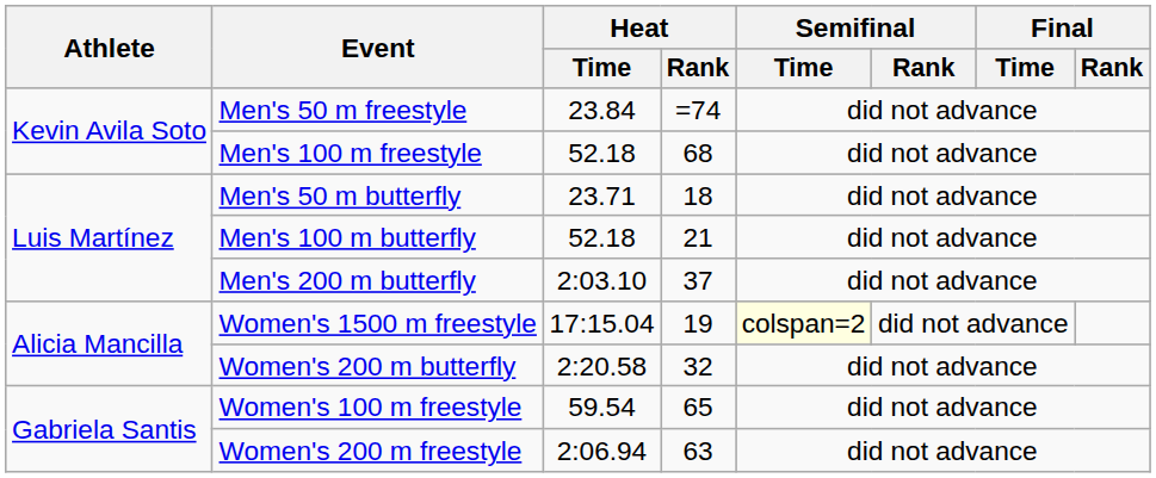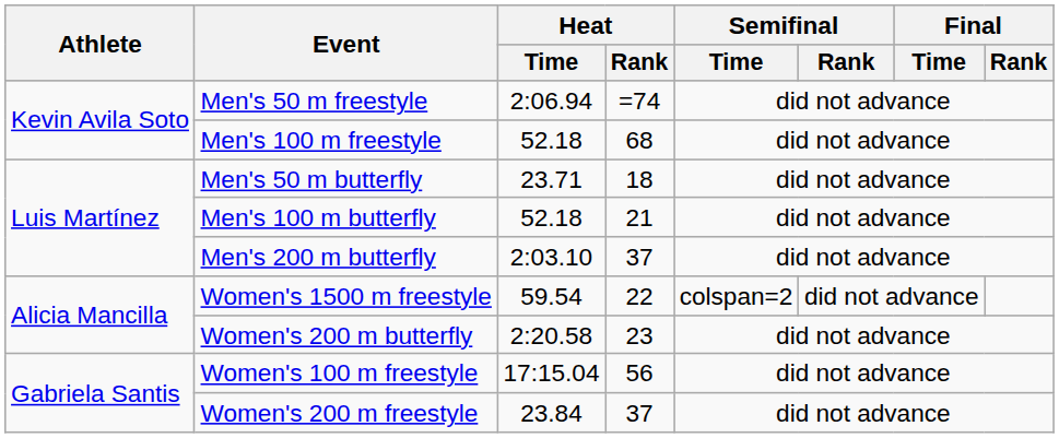 <table class=wikitable style="font-size:90%">
 <tr>
 <th rowspan="2">Athlete</th>
 <th rowspan="2">Event</th>
 <th colspan="2">Heat</th>
 <th colspan="2">Semifinal</th>
 <th colspan="2">Final</th>
 </tr>
 <tr style="font-size:95%">
 <th>Time</th>
 <th>Rank</th>
 <th>Time</th>
 <th>Rank</th>
 <th>Time</th>
 <th>Rank</th>
 </tr>
 <tr align=center>
 <td align=left rowspan=2><a href='#'>Kevin Avila Soto</a></td>
 <td align=left><a href='#'>Men's 50 m freestyle</a></td>
-<td>23.84</td>
+<td>2:06.94</td>
 <td>=74</td>
 <td colspan=4>did not advance</td>
 </tr>
 <tr align=center>
 <td align=left><a href='#'>Men's 100 m freestyle</a></td>
 <td>52.18</td>
 <td>68</td>
 <td colspan=4>did not advance</td>
 </tr>
 <tr align=center>
 <td align=left rowspan=3><a href='#'>Luis Martínez</a></td>
 <td align=left><a href='#'>Men's 50 m butterfly</a></td>
 <td>23.71</td>
 <td>18</td>
 <td colspan=4>did not advance</td>
 </tr>
 <tr align=center>
 <td align=left><a href='#'>Men's 100 m butterfly</a></td>
 <td>52.18</td>
 <td>21</td>
 <td colspan=4>did not advance</td>
 </tr>
 <tr align=center>
 <td align=left><a href='#'>Men's 200 m butterfly</a></td>
 <td>2:03.10</td>
 <td>37</td>
 <td colspan=4>did not advance</td>
 </tr>
 <tr align=center>
 <td align=left rowspan=2><a href='#'>Alicia Mancilla</a></td>
 <td align=left><a href='#'>Women's 1500 m freestyle</a></td>
-<td>17:15.04</td>
-<td>19</td>
-<td style="background: lightyellow;">colspan=2 </td>
+<td>59.54</td>
+<td>22</td>
+<td>colspan=2 </td>
 <td colspan=2>did not advance</td>
 </tr>
 <tr align=center>
 <td align=left><a href='#'>Women's 200 m butterfly</a></td>
 <td>2:20.58</td>
-<td>32</td>
+<td>23</td>
 <td colspan=4>did not advance</td>
 </tr>
 <tr align=center>
 <td align=left rowspan=2><a href='#'>Gabriela Santis</a></td>
 <td align=left><a href='#'>Women's 100 m freestyle</a></td>
-<td>59.54</td>
-<td>65</td>
+<td>17:15.04</td>
+<td>56</td>
 <td colspan=4>did not advance</td>
 </tr>
 <tr align=center>
 <td align=left><a href='#'>Women's 200 m freestyle</a></td>
-<td>2:06.94</td>
-<td>63</td>
+<td>23.84</td>
+<td>37</td>
 <td colspan=4>did not advance</td>
 </tr>
 </table>
